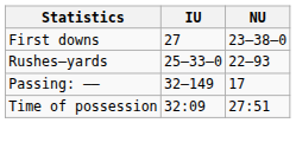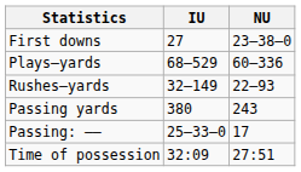 <table class="wikitable" style="float:left">
 <tr>
 <th>Statistics</th>
 <th>IU</th>
 <th>NU</th>
 </tr>
 <tr>
 <td>First downs</td>
 <td>27</td>
 <td>23–38–0</td>
 </tr>
 <tr>
+<td>Plays–yards</td>
+<td>68–529</td>
+<td>60–336</td>
+</tr>
+<tr>
 <td>Rushes–yards</td>
-<td>25–33–0</td>
+<td>32–149</td>
 <td>22–93</td>
 </tr>
 <tr>
+<td>Passing yards</td>
+<td>380</td>
+<td>243</td>
+</tr>
+<tr>
 <td>Passing: ––</td>
-<td>32–149</td>
+<td>25–33–0</td>
 <td>17</td>
 </tr>
 <tr>
 <td>Time of possession</td>
 <td>32:09</td>
 <td>27:51</td>
 </tr>
 </table>
